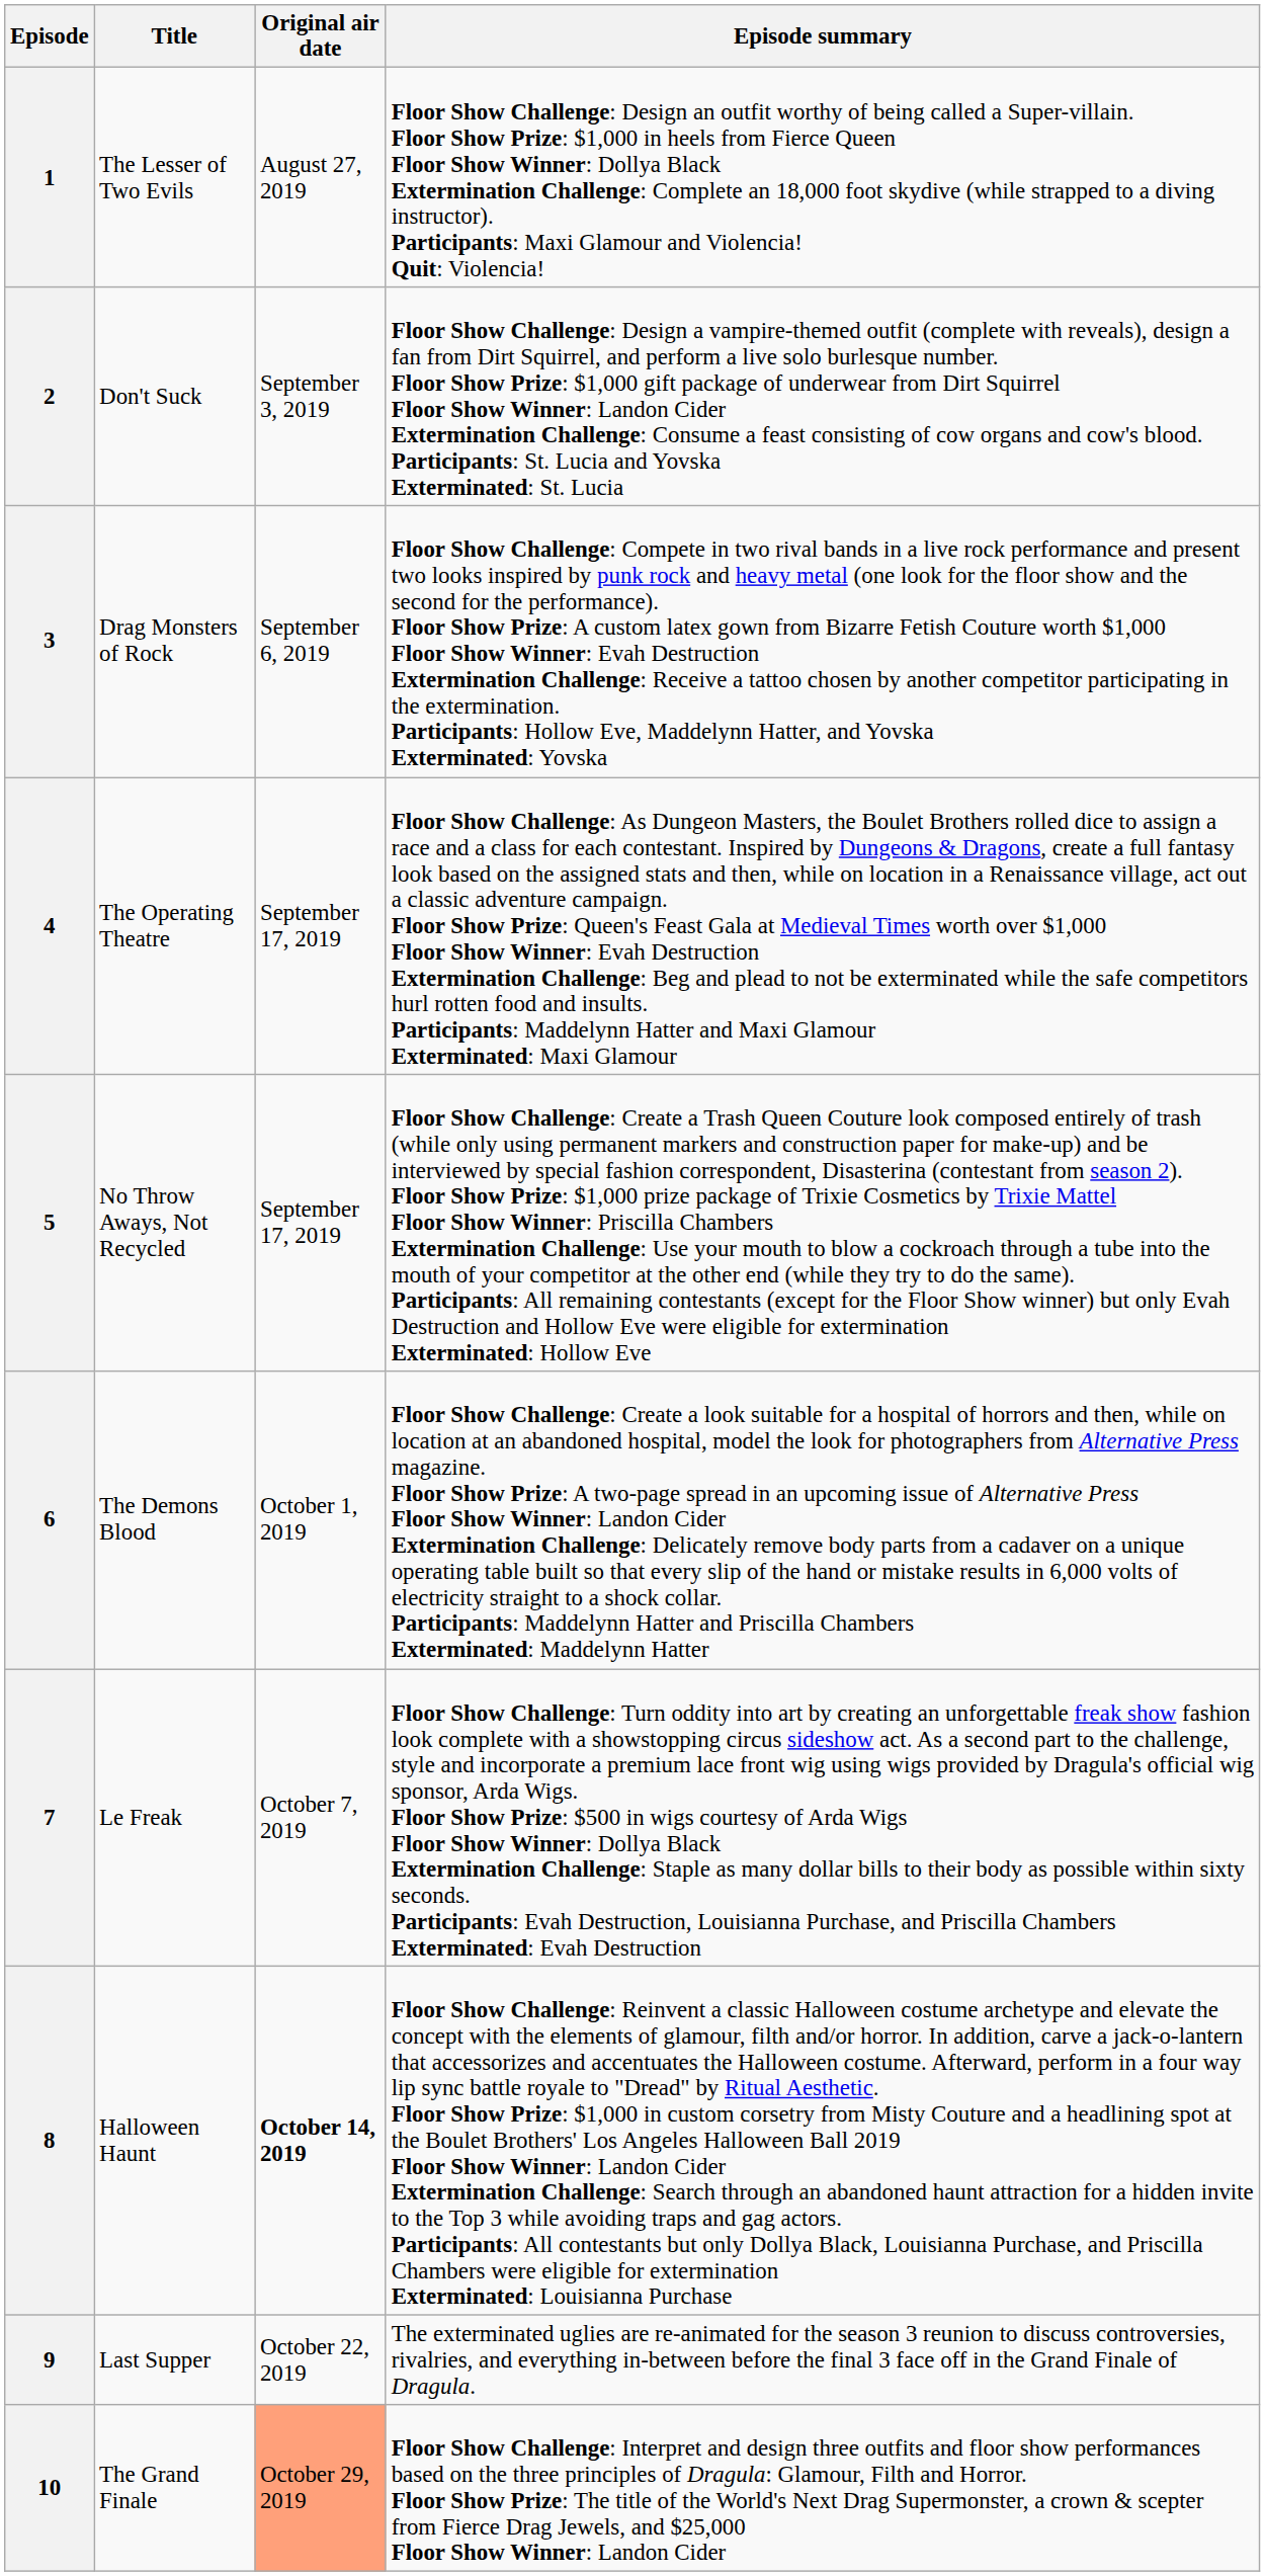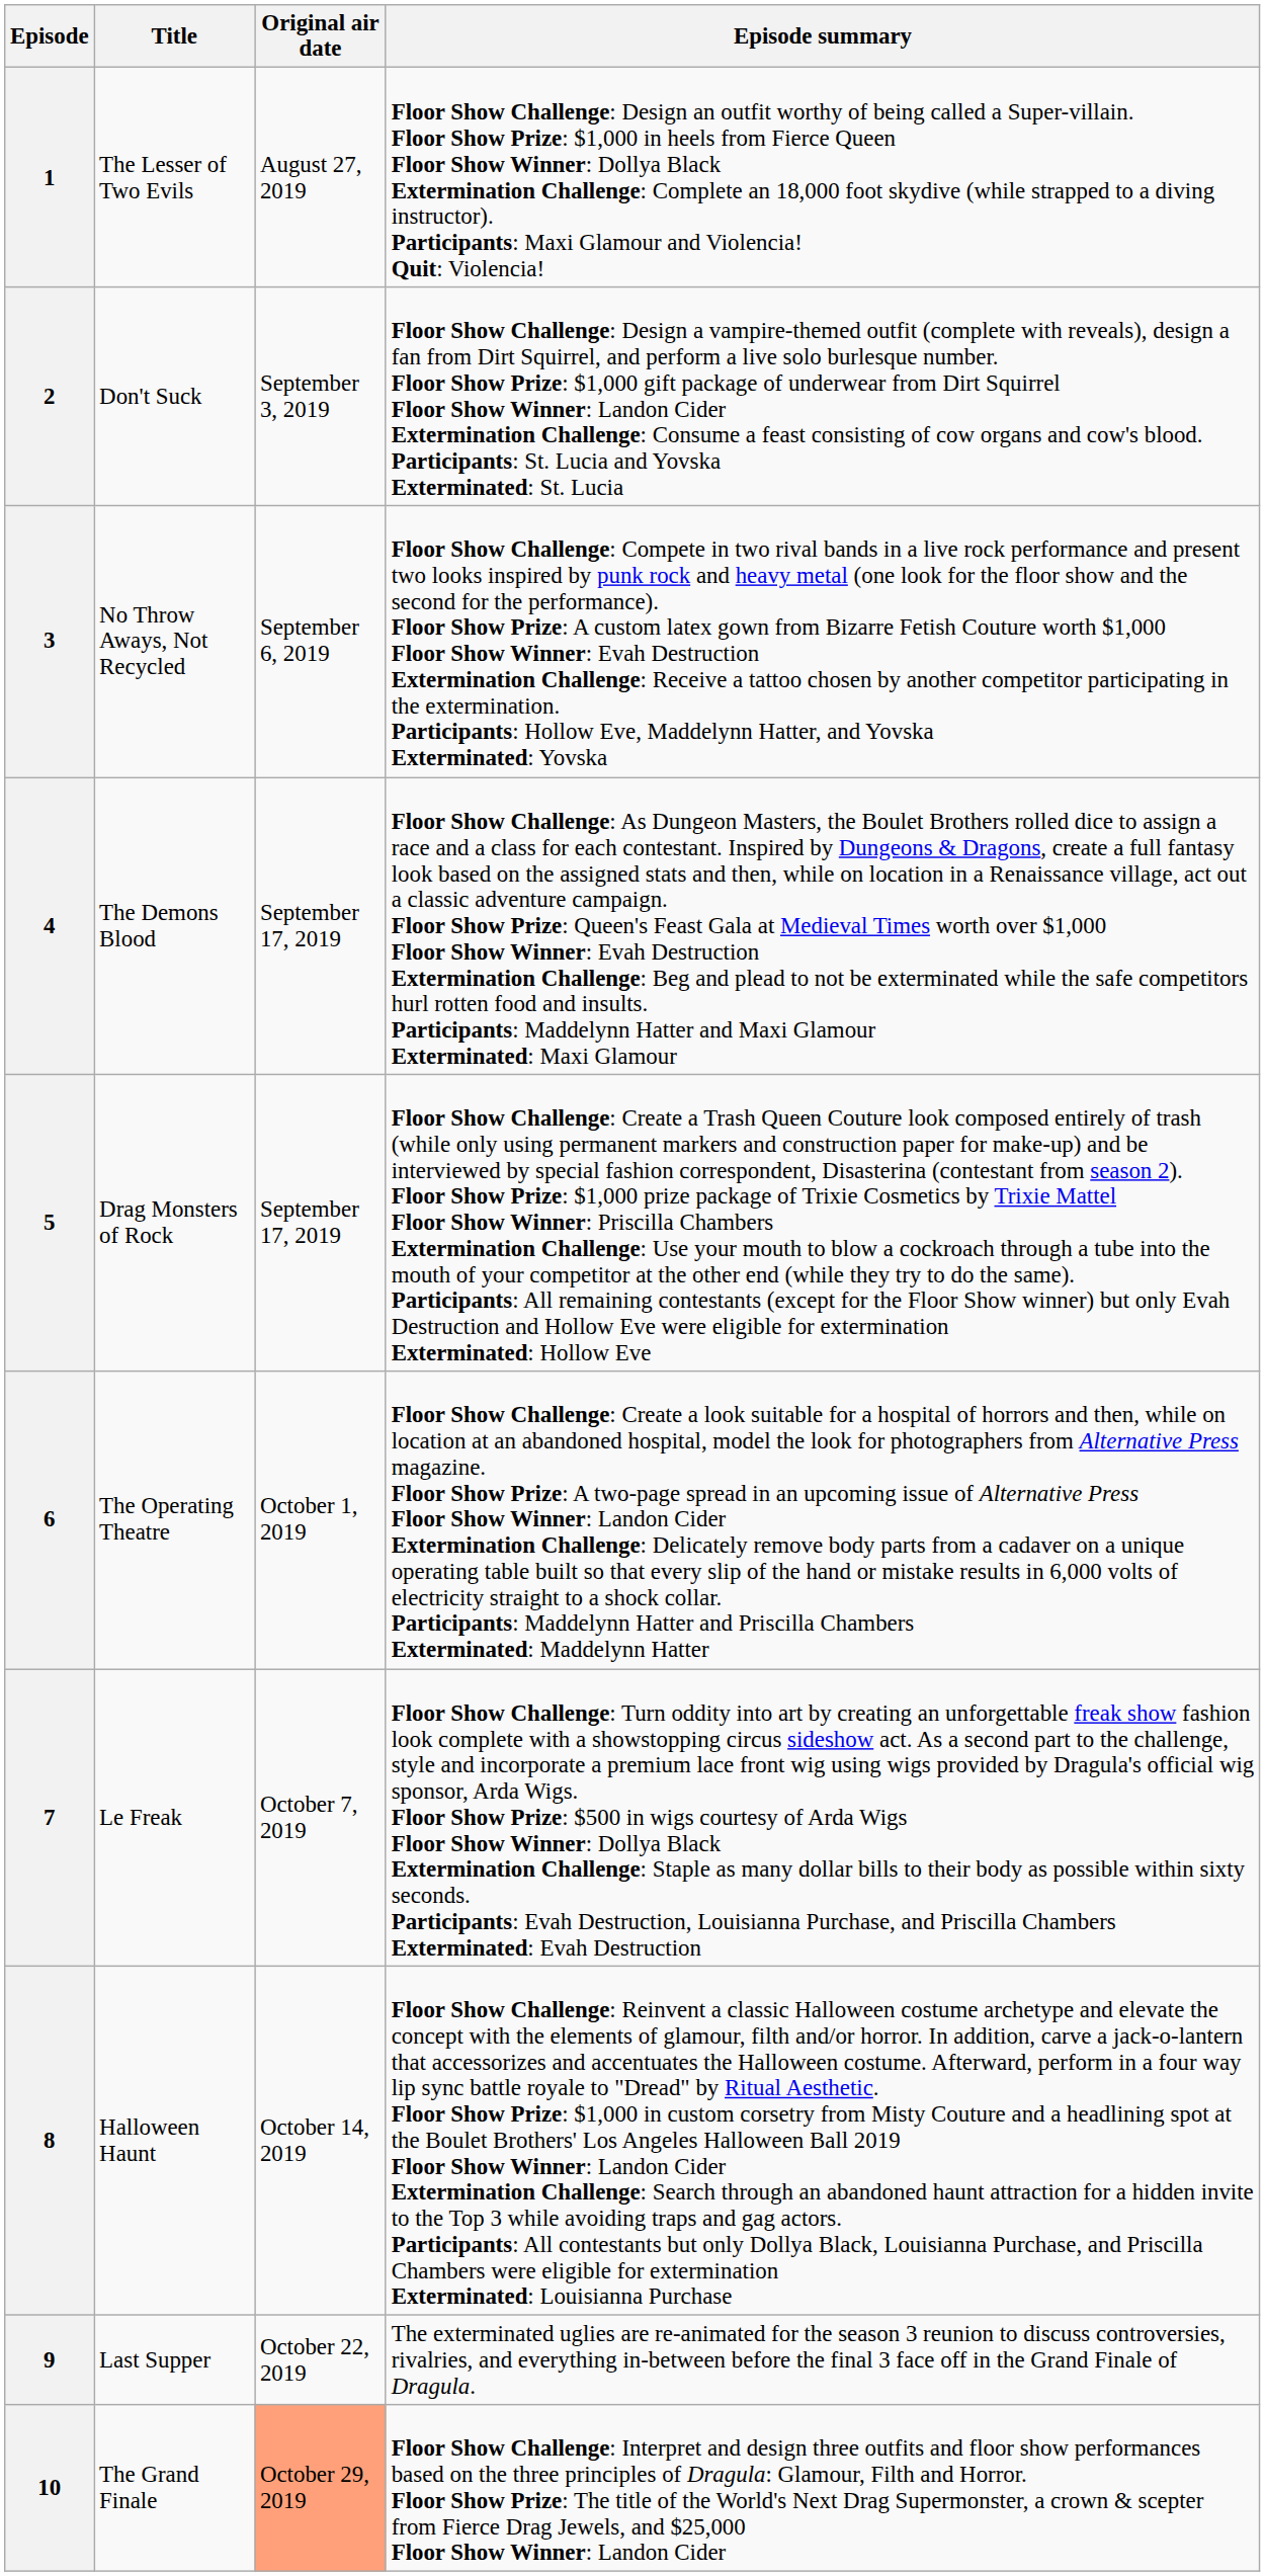 <table class="wikitable">
 <tr>
 <th>Episode</th>
 <th>Title</th>
 <th>Original air date</th>
 <th>Episode summary</th>
 </tr>
 <tr>
 <th>1</th>
 <td>The Lesser of Two Evils</td>
 <td>August 27, 2019</td>
 <td><br><strong>Floor Show Challenge</strong>: Design an outfit worthy of being called a Super-villain.<br> <strong>Floor Show Prize</strong>: $1,000 in heels from Fierce Queen<br> <span><strong>Floor Show Winner</strong>: Dollya Black</span><br><strong>Extermination Challenge</strong>: Complete an 18,000 foot skydive (while strapped to a diving instructor).<br> <strong>Participants</strong>: Maxi Glamour and Violencia!<br> <span><strong>Quit</strong>: Violencia!</span></td>
 </tr>
 <tr>
 <th>2</th>
 <td>Don't Suck</td>
 <td>September 3, 2019</td>
 <td><br><strong>Floor Show Challenge</strong>: Design a vampire-themed outfit (complete with reveals), design a fan from Dirt Squirrel, and perform a live solo burlesque number.<br> <strong>Floor Show Prize</strong>: $1,000 gift package of underwear from Dirt Squirrel<br> <span><strong>Floor Show Winner</strong>: Landon Cider</span><br><strong>Extermination Challenge</strong>: Consume a feast consisting of cow organs and cow's blood.<br> <strong>Participants</strong>: St. Lucia and Yovska<br> <span><strong>Exterminated</strong>: St. Lucia</span></td>
 </tr>
 <tr>
 <th>3</th>
-<td>Drag Monsters of Rock</td>
+<td>No Throw Aways, Not Recycled</td>
 <td>September 6, 2019</td>
 <td><br><strong>Floor Show Challenge</strong>: Compete in two rival bands in a live rock performance and present two looks inspired by <a href='#'>punk rock</a> and <a href='#'>heavy metal</a> (one look for the floor show and the second for the performance).<br> <strong>Floor Show Prize</strong>: A custom latex gown from Bizarre Fetish Couture worth $1,000<br> <span><strong>Floor Show Winner</strong>: Evah Destruction</span><br><strong>Extermination Challenge</strong>: Receive a tattoo chosen by another competitor participating in the extermination.<br> <strong>Participants</strong>: Hollow Eve, Maddelynn Hatter, and Yovska<br> <span><strong>Exterminated</strong>: Yovska</span></td>
 </tr>
 <tr>
 <th>4</th>
-<td>The Operating Theatre</td>
+<td>The Demons Blood</td>
 <td>September 17, 2019</td>
 <td><br><strong>Floor Show Challenge</strong>: As Dungeon Masters, the Boulet Brothers rolled dice to assign a race and a class for each contestant. Inspired by <a href='#'>Dungeons & Dragons</a>, create a full fantasy look based on the assigned stats and then, while on location in a Renaissance village, act out a classic adventure campaign.<br> <strong>Floor Show Prize</strong>: Queen's Feast Gala at <a href='#'>Medieval Times</a> worth over $1,000<br> <span><strong>Floor Show Winner</strong>: Evah Destruction</span><br><strong>Extermination Challenge</strong>: Beg and plead to not be exterminated while the safe competitors hurl rotten food and insults.<br> <strong>Participants</strong>: Maddelynn Hatter and Maxi Glamour<br> <span><strong>Exterminated</strong>: Maxi Glamour</span></td>
 </tr>
 <tr>
 <th>5</th>
-<td>No Throw Aways, Not Recycled</td>
+<td>Drag Monsters of Rock</td>
 <td>September 17, 2019</td>
 <td><br><strong>Floor Show Challenge</strong>: Create a Trash Queen Couture look composed entirely of trash (while only using permanent markers and construction paper for make-up) and be interviewed by special fashion correspondent, Disasterina (contestant from <a href='#'>season 2</a>).<br> <strong>Floor Show Prize</strong>: $1,000 prize package of Trixie Cosmetics by <a href='#'>Trixie Mattel</a><br> <span><strong>Floor Show Winner</strong>: Priscilla Chambers</span><br><strong>Extermination Challenge</strong>: Use your mouth to blow a cockroach through a tube into the mouth of your competitor at the other end (while they try to do the same).<br> <strong>Participants</strong>: All remaining contestants (except for the Floor Show winner) but only Evah Destruction and Hollow Eve were eligible for extermination<br> <span><strong>Exterminated</strong>: Hollow Eve</span></td>
 </tr>
 <tr>
 <th>6</th>
-<td>The Demons Blood</td>
+<td>The Operating Theatre</td>
 <td>October 1, 2019</td>
 <td><br><strong>Floor Show Challenge</strong>: Create a look suitable for a hospital of horrors and then, while on location at an abandoned hospital, model the look for photographers from <em><a href='#'>Alternative Press</a></em> magazine.<br> <strong>Floor Show Prize</strong>: A two-page spread in an upcoming issue of <em>Alternative Press</em><br> <span><strong>Floor Show Winner</strong>: Landon Cider</span><br><strong>Extermination Challenge</strong>: Delicately remove body parts from a cadaver on a unique operating table built so that every slip of the hand or mistake results in 6,000 volts of electricity straight to a shock collar.<br> <strong>Participants</strong>: Maddelynn Hatter and Priscilla Chambers<br> <span><strong>Exterminated</strong>: Maddelynn Hatter</span></td>
 </tr>
 <tr>
 <th>7</th>
 <td>Le Freak</td>
 <td>October 7, 2019</td>
 <td><br><strong>Floor Show Challenge</strong>: Turn oddity into art by creating an unforgettable <a href='#'>freak show</a> fashion look complete with a showstopping circus <a href='#'>sideshow</a> act. As a second part to the challenge, style and incorporate a premium lace front wig using wigs provided by Dragula's official wig sponsor, Arda Wigs.<br> <strong>Floor Show Prize</strong>: $500 in wigs courtesy of Arda Wigs<br> <span><strong>Floor Show Winner</strong>: Dollya Black</span><br><strong>Extermination Challenge</strong>: Staple as many dollar bills to their body as possible within sixty seconds.<br> <strong>Participants</strong>: Evah Destruction, Louisianna Purchase, and Priscilla Chambers<br> <span><strong>Exterminated</strong>: Evah Destruction</span></td>
 </tr>
 <tr>
 <th>8</th>
 <td>Halloween Haunt</td>
-<td><strong>October 14, 2019</strong></td>
+<td>October 14, 2019</td>
 <td><br><strong>Floor Show Challenge</strong>: Reinvent a classic Halloween costume archetype and elevate the concept with the elements of glamour, filth and/or horror. In addition, carve a jack-o-lantern that accessorizes and accentuates the Halloween costume. Afterward, perform in a four way lip sync battle royale to "Dread" by <a href='#'>Ritual Aesthetic</a>.<br> <strong>Floor Show Prize</strong>: $1,000 in custom corsetry from Misty Couture and a headlining spot at the Boulet Brothers' Los Angeles Halloween Ball 2019<br> <span><strong>Floor Show Winner</strong>: Landon Cider</span><br><strong>Extermination Challenge</strong>: Search through an abandoned haunt attraction for a hidden invite to the Top 3 while avoiding traps and gag actors.<br> <strong>Participants</strong>: All contestants but only Dollya Black, Louisianna Purchase, and Priscilla Chambers were eligible for extermination<br> <span><strong>Exterminated</strong>: Louisianna Purchase</span></td>
 </tr>
 <tr>
 <th>9</th>
 <td>Last Supper</td>
 <td>October 22, 2019</td>
 <td>The exterminated uglies are re-animated for the season 3 reunion to discuss controversies, rivalries, and everything in-between before the final 3 face off in the Grand Finale of <em>Dragula</em>.</td>
 </tr>
 <tr>
 <th>10</th>
 <td>The Grand Finale</td>
 <td style="background: lightsalmon;">October 29, 2019</td>
 <td><br><strong>Floor Show Challenge</strong>: Interpret and design three outfits and floor show performances based on the three principles of <em>Dragula</em>: Glamour, Filth and Horror.<br> <strong>Floor Show Prize</strong>: The title of the World's Next Drag Supermonster, a crown & scepter from Fierce Drag Jewels, and $25,000<br> <span><strong>Floor Show Winner</strong>: Landon Cider</span><br></td>
 </tr>
 </table>
